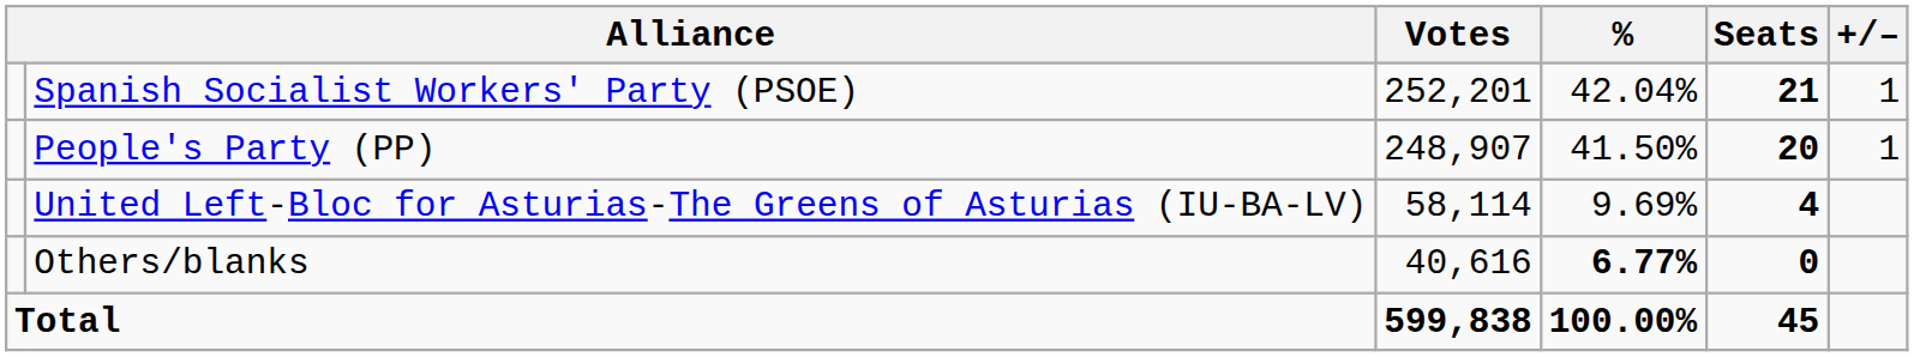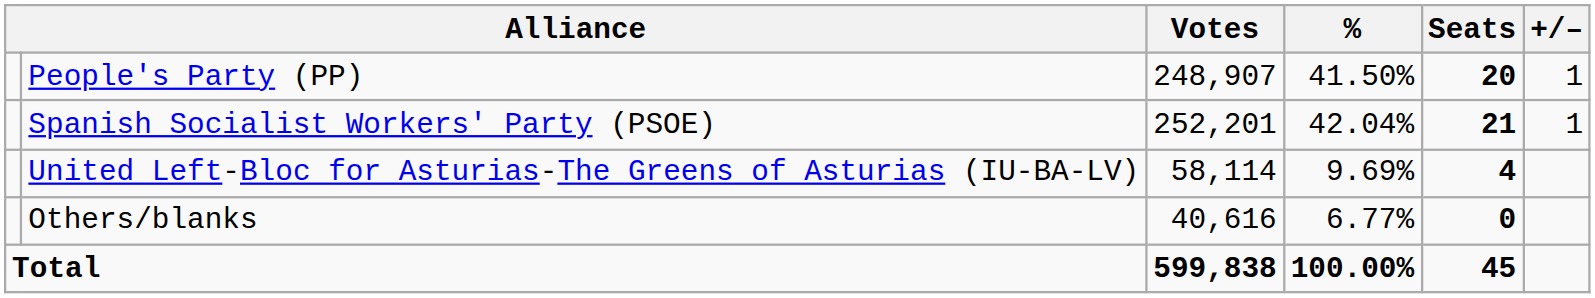 <table class="wikitable" style="font-size:100%; text-align:right;">
 <tr>
 <th colspan="2">Alliance</th>
 <th>Votes</th>
 <th>%</th>
 <th>Seats</th>
 <th>+/–</th>
 </tr>
 <tr>
+<td></td>
+<td align="left"><a href='#'>People's Party</a> (PP)</td>
+<td>248,907</td>
+<td>41.50%</td>
+<td><strong>20</strong></td>
+<td>1</td>
+</tr>
+<tr>
 <td width="1"></td>
 <td align="left"><a href='#'>Spanish Socialist Workers' Party</a> (PSOE)</td>
 <td>252,201</td>
 <td>42.04%</td>
 <td><strong>21</strong></td>
-<td>1</td>
-</tr>
-<tr>
-<td></td>
-<td align="left"><a href='#'>People's Party</a> (PP)</td>
-<td>248,907</td>
-<td>41.50%</td>
-<td><strong>20</strong></td>
 <td>1</td>
 </tr>
 <tr>
 <td></td>
 <td align="left"><a href='#'>United Left</a>-<a href='#'>Bloc for Asturias</a>-<a href='#'>The Greens of Asturias</a> (IU-BA-LV)</td>
 <td>58,114</td>
 <td>9.69%</td>
 <td><strong>4</strong></td>
 <td></td>
 </tr>
 <tr>
 <td></td>
 <td align="left">Others/blanks</td>
 <td>40,616</td>
-<td><strong>6.77%</strong></td>
+<td>6.77%</td>
 <td><strong>0</strong></td>
 <td></td>
 </tr>
 <tr style="font-weight:bold">
 <td colspan="2" align="left">Total</td>
 <td>599,838</td>
 <td>100.00%</td>
 <td>45</td>
 <td></td>
 </tr>
 </table>
